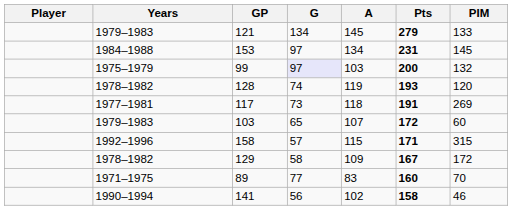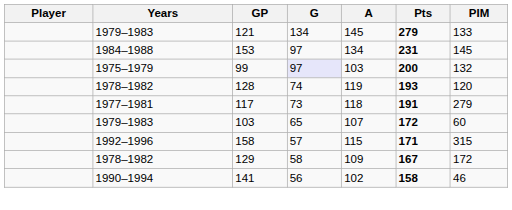 <table class="wikitable sortable" width ="700" cellpadding="1" border="1" cellspacing="0">
 <tr>
 <th>Player</th>
 <th>Years</th>
 <th>GP</th>
 <th>G</th>
 <th>A</th>
 <th>Pts</th>
 <th>PIM</th>
 </tr>
 <tr>
 <td></td>
 <td>1979–1983</td>
 <td>121</td>
 <td>134</td>
 <td>145</td>
 <td><strong>279</strong></td>
 <td>133</td>
 </tr>
 <tr>
 <td></td>
 <td>1984–1988</td>
 <td>153</td>
 <td>97</td>
 <td>134</td>
 <td><strong>231</strong></td>
 <td>145</td>
 </tr>
 <tr>
 <td></td>
 <td>1975–1979</td>
 <td>99</td>
 <td style="background: lavender;">97</td>
 <td>103</td>
 <td><strong>200</strong></td>
 <td>132</td>
 </tr>
 <tr>
 <td></td>
 <td>1978–1982</td>
 <td>128</td>
 <td>74</td>
 <td>119</td>
 <td><strong>193</strong></td>
 <td>120</td>
 </tr>
 <tr>
 <td></td>
 <td>1977–1981</td>
 <td>117</td>
 <td>73</td>
 <td>118</td>
 <td><strong>191</strong></td>
-<td>269</td>
+<td>279</td>
 </tr>
 <tr>
 <td></td>
 <td>1979–1983</td>
 <td>103</td>
 <td>65</td>
 <td>107</td>
 <td><strong>172</strong></td>
 <td>60</td>
 </tr>
 <tr>
 <td></td>
 <td>1992–1996</td>
 <td>158</td>
 <td>57</td>
 <td>115</td>
 <td><strong>171</strong></td>
 <td>315</td>
 </tr>
 <tr>
 <td></td>
 <td>1978–1982</td>
 <td>129</td>
 <td>58</td>
 <td>109</td>
 <td><strong>167</strong></td>
 <td>172</td>
 </tr>
 <tr>
 <td></td>
-<td>1971–1975</td>
-<td>89</td>
-<td>77</td>
-<td>83</td>
-<td><strong>160</strong></td>
-<td>70</td>
-</tr>
-<tr>
-<td></td>
 <td>1990–1994</td>
 <td>141</td>
 <td>56</td>
 <td>102</td>
 <td><strong>158</strong></td>
 <td>46</td>
 </tr>
 </table>
